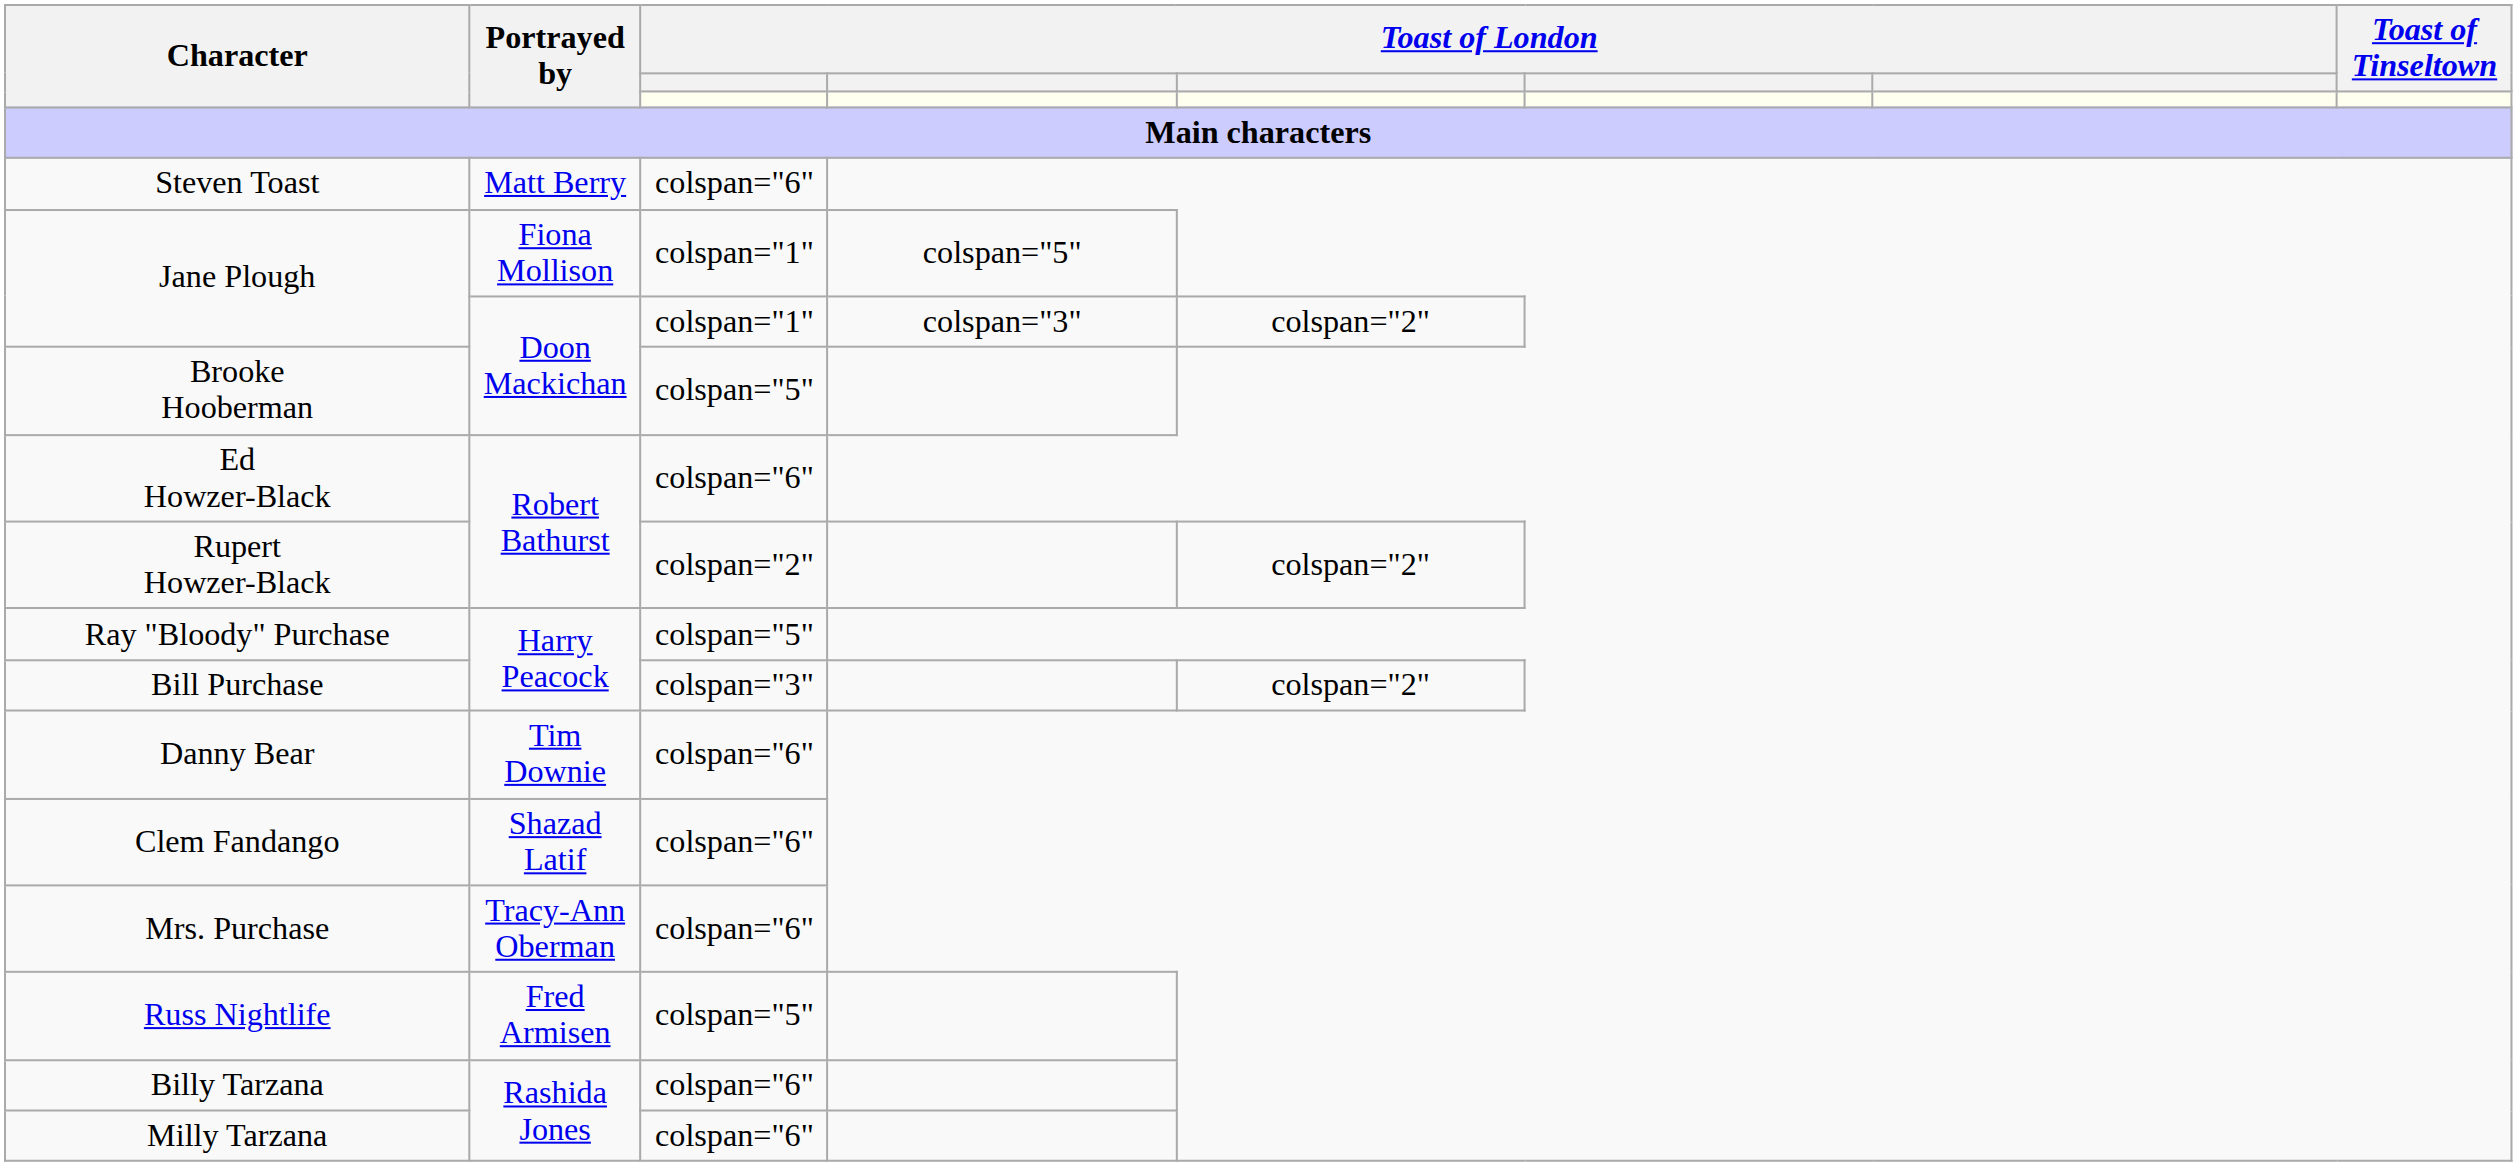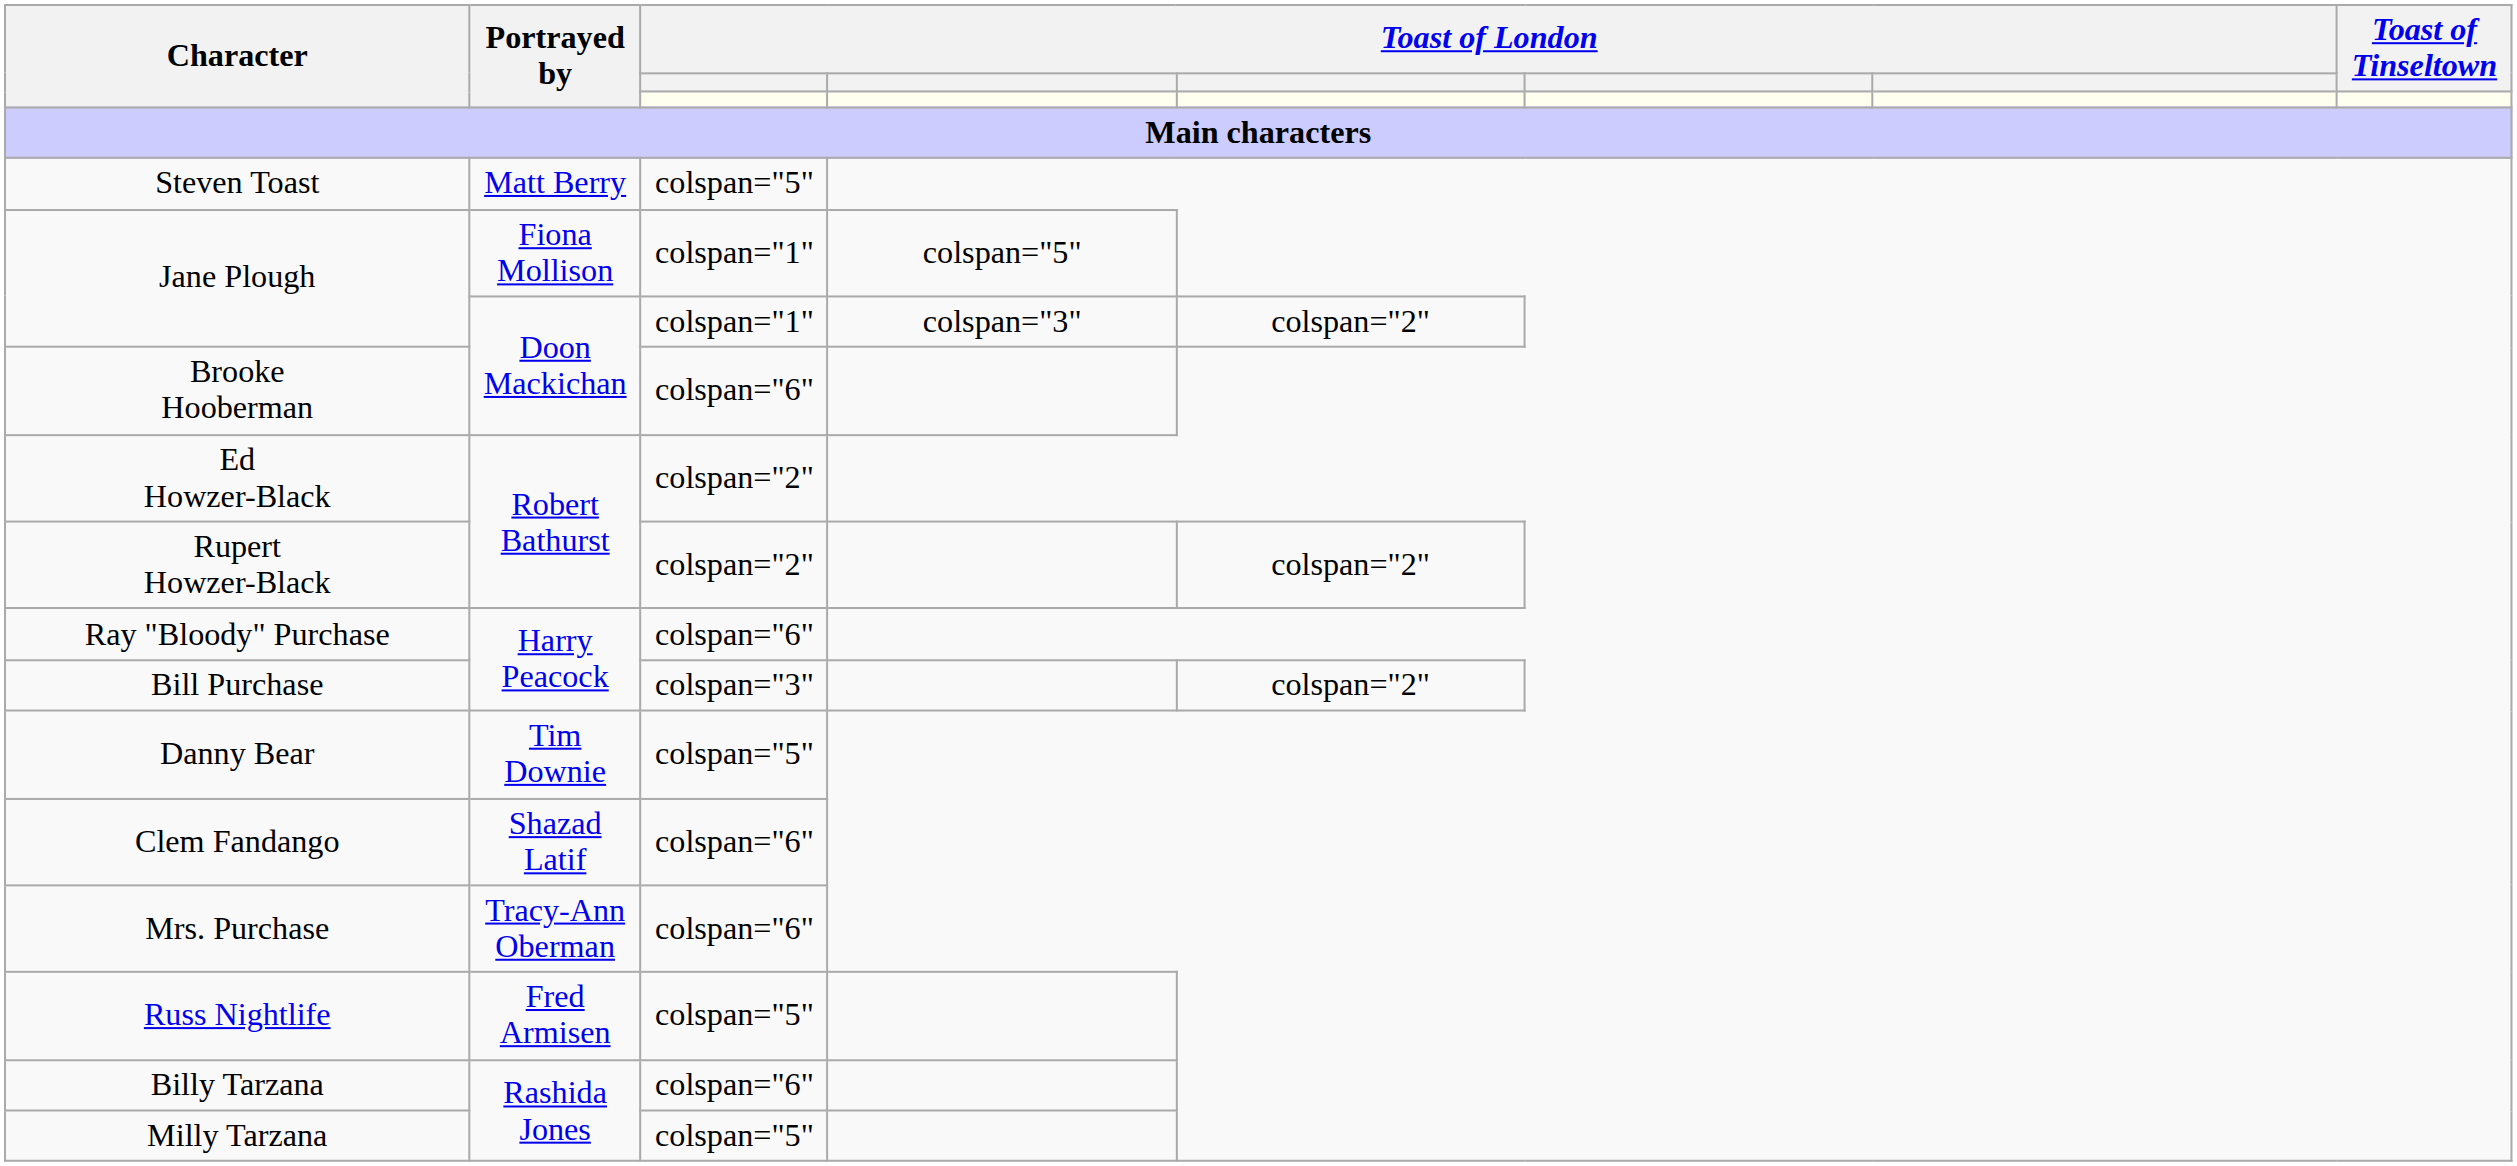 <table class="wikitable plainrowheaders" style="text-align:center;">
 <tr>
 <th scope="col" rowspan="3" width="12%">Character</th>
 <th scope="col" rowspan="3" width="1%">Portrayed by</th>
 <th scope="col" colspan="5"><a href='#'><em>Toast of London</em></a></th>
 <th scope="col" rowspan="2" width="1%"><a href='#'><em>Toast of Tinseltown</em></a></th>
 </tr>
 <tr>
 <th width="1%"><a href='#'></a></th>
 <th width="9%"><a href='#'></a></th>
 <th width="9%"><a href='#'></a></th>
 <th width="9%"><a href='#'></a></th>
 <th width="12%"><a href='#'></a></th>
 </tr>
 <tr>
 <th style="background:ivory;"></th>
 <th style="background:ivory;"></th>
 <th style="background:ivory;"></th>
 <th style="background:ivory;"></th>
 <th style="background:ivory;"></th>
 <th style="background:ivory;"></th>
 </tr>
 <tr>
 <th colspan="8" style="background:#ccf;">Main characters</th>
 </tr>
 <tr>
 <td scope="row">Steven Toast</td>
 <td><a href='#'>Matt Berry</a></td>
-<td>colspan="6" </td>
+<td>colspan="5" </td>
 </tr>
 <tr>
 <td scope="row" rowspan="2">Jane Plough</td>
 <td rowspan="1"><a href='#'>Fiona Mollison</a></td>
 <td>colspan="1" </td>
 <td>colspan="5" </td>
 </tr>
 <tr>
 <td rowspan="2"><a href='#'>Doon Mackichan</a></td>
 <td>colspan="1" </td>
 <td>colspan="3" </td>
 <td>colspan="2" </td>
 </tr>
 <tr>
 <td scope="row">Brooke<br>Hooberman</td>
-<td>colspan="5" </td>
+<td>colspan="6" </td>
 <td></td>
 </tr>
 <tr>
 <td scope="row">Ed<br>Howzer-Black</td>
 <td rowspan="2"><a href='#'>Robert Bathurst</a></td>
-<td>colspan="6" </td>
+<td>colspan="2" </td>
 </tr>
 <tr>
 <td scope="row">Rupert<br>Howzer-Black</td>
 <td>colspan="2" </td>
 <td></td>
 <td>colspan="2" </td>
 </tr>
 <tr>
 <td scope="row">Ray "Bloody" Purchase</td>
 <td rowspan="2"><a href='#'>Harry Peacock</a></td>
-<td>colspan="5" </td>
+<td>colspan="6" </td>
 </tr>
 <tr>
 <td scope="row">Bill Purchase</td>
 <td>colspan="3" </td>
 <td></td>
 <td>colspan="2" </td>
 </tr>
 <tr>
 <td scope="row">Danny Bear</td>
 <td><a href='#'>Tim Downie</a></td>
-<td>colspan="6" </td>
+<td>colspan="5" </td>
 </tr>
 <tr>
 <td scope="row">Clem Fandango</td>
 <td><a href='#'>Shazad Latif</a></td>
 <td>colspan="6" </td>
 </tr>
 <tr>
 <td scope="row">Mrs. Purchase</td>
 <td><a href='#'>Tracy-Ann Oberman</a></td>
 <td>colspan="6" </td>
 </tr>
 <tr>
 <td scope="row"><a href='#'>Russ Nightlife<br></a></td>
 <td><a href='#'>Fred Armisen</a></td>
 <td>colspan="5" </td>
 <td></td>
 </tr>
 <tr>
 <td scope="row">Billy Tarzana</td>
 <td rowspan="2"><a href='#'>Rashida Jones</a></td>
 <td>colspan="6" </td>
 <td></td>
 </tr>
 <tr>
 <td scope="row">Milly Tarzana</td>
-<td>colspan="6" </td>
+<td>colspan="5" </td>
 <td></td>
 </tr>
 </table>
